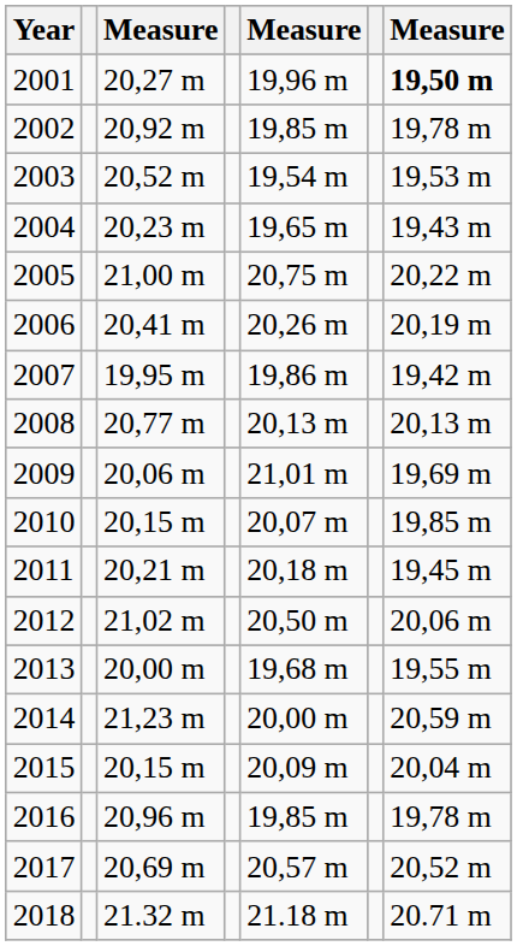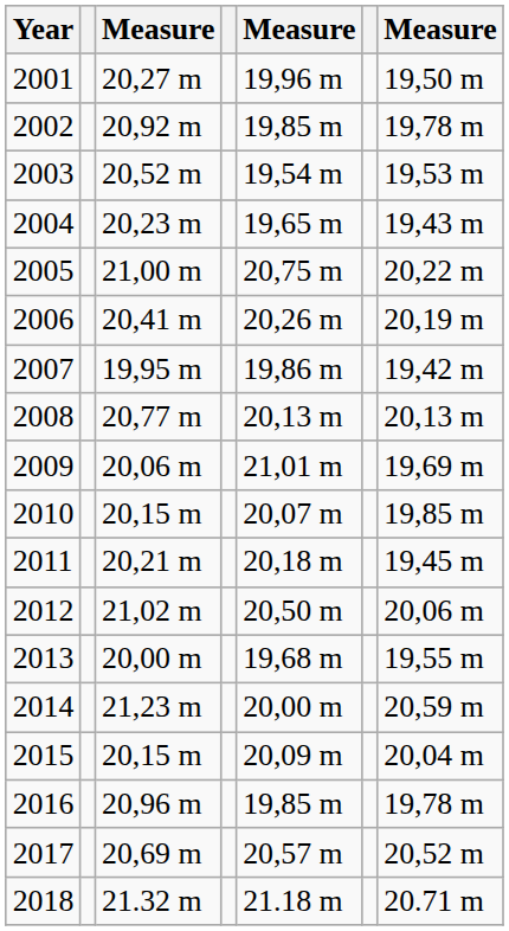 <table class="wikitable">
 <tr>
 <th>Year</th>
 <th></th>
 <th>Measure</th>
 <th></th>
 <th>Measure</th>
 <th></th>
 <th>Measure</th>
 </tr>
 <tr>
 <td>2001</td>
 <td></td>
 <td>20,27 m</td>
 <td></td>
 <td>19,96 m</td>
 <td></td>
-<td><strong>19,50 m</strong></td>
+<td>19,50 m</td>
 </tr>
 <tr>
 <td>2002</td>
 <td></td>
 <td>20,92 m</td>
 <td></td>
 <td>19,85 m</td>
 <td></td>
 <td>19,78 m</td>
 </tr>
 <tr>
 <td>2003</td>
 <td></td>
 <td>20,52 m</td>
 <td></td>
 <td>19,54 m</td>
 <td></td>
 <td>19,53 m</td>
 </tr>
 <tr>
 <td>2004</td>
 <td></td>
 <td>20,23 m</td>
 <td></td>
 <td>19,65 m</td>
 <td></td>
 <td>19,43 m</td>
 </tr>
 <tr>
 <td>2005</td>
 <td></td>
 <td>21,00 m</td>
 <td></td>
 <td>20,75 m</td>
 <td></td>
 <td>20,22 m</td>
 </tr>
 <tr>
 <td>2006</td>
 <td></td>
 <td>20,41 m</td>
 <td></td>
 <td>20,26 m</td>
 <td></td>
 <td>20,19 m</td>
 </tr>
 <tr>
 <td>2007</td>
 <td></td>
 <td>19,95 m</td>
 <td></td>
 <td>19,86 m</td>
 <td></td>
 <td>19,42 m</td>
 </tr>
 <tr>
 <td>2008</td>
 <td></td>
 <td>20,77 m</td>
 <td></td>
 <td>20,13 m</td>
 <td></td>
 <td>20,13 m</td>
 </tr>
 <tr>
 <td>2009</td>
 <td></td>
 <td>20,06 m</td>
 <td></td>
 <td>21,01 m</td>
 <td></td>
 <td>19,69 m</td>
 </tr>
 <tr>
 <td>2010</td>
 <td></td>
 <td>20,15 m</td>
 <td></td>
 <td>20,07 m</td>
 <td></td>
 <td>19,85 m</td>
 </tr>
 <tr>
 <td>2011</td>
 <td></td>
 <td>20,21 m</td>
 <td></td>
 <td>20,18 m</td>
 <td></td>
 <td>19,45 m</td>
 </tr>
 <tr>
 <td>2012</td>
 <td></td>
 <td>21,02 m</td>
 <td></td>
 <td>20,50 m</td>
 <td></td>
 <td>20,06 m</td>
 </tr>
 <tr>
 <td>2013</td>
 <td></td>
 <td>20,00 m</td>
 <td></td>
 <td>19,68 m</td>
 <td></td>
 <td>19,55 m</td>
 </tr>
 <tr>
 <td>2014</td>
 <td></td>
 <td>21,23 m</td>
 <td></td>
 <td>20,00 m</td>
 <td></td>
 <td>20,59 m</td>
 </tr>
 <tr>
 <td>2015</td>
 <td></td>
 <td>20,15 m</td>
 <td></td>
 <td>20,09 m</td>
 <td></td>
 <td>20,04 m</td>
 </tr>
 <tr>
 <td>2016</td>
 <td></td>
 <td>20,96 m</td>
 <td></td>
 <td>19,85 m</td>
 <td></td>
 <td>19,78 m</td>
 </tr>
 <tr>
 <td>2017</td>
 <td></td>
 <td>20,69 m</td>
 <td></td>
 <td>20,57 m</td>
 <td></td>
 <td>20,52 m</td>
 </tr>
 <tr>
 <td>2018</td>
 <td></td>
 <td>21.32 m</td>
 <td></td>
 <td>21.18 m</td>
 <td></td>
 <td>20.71 m</td>
 </tr>
 </table>
